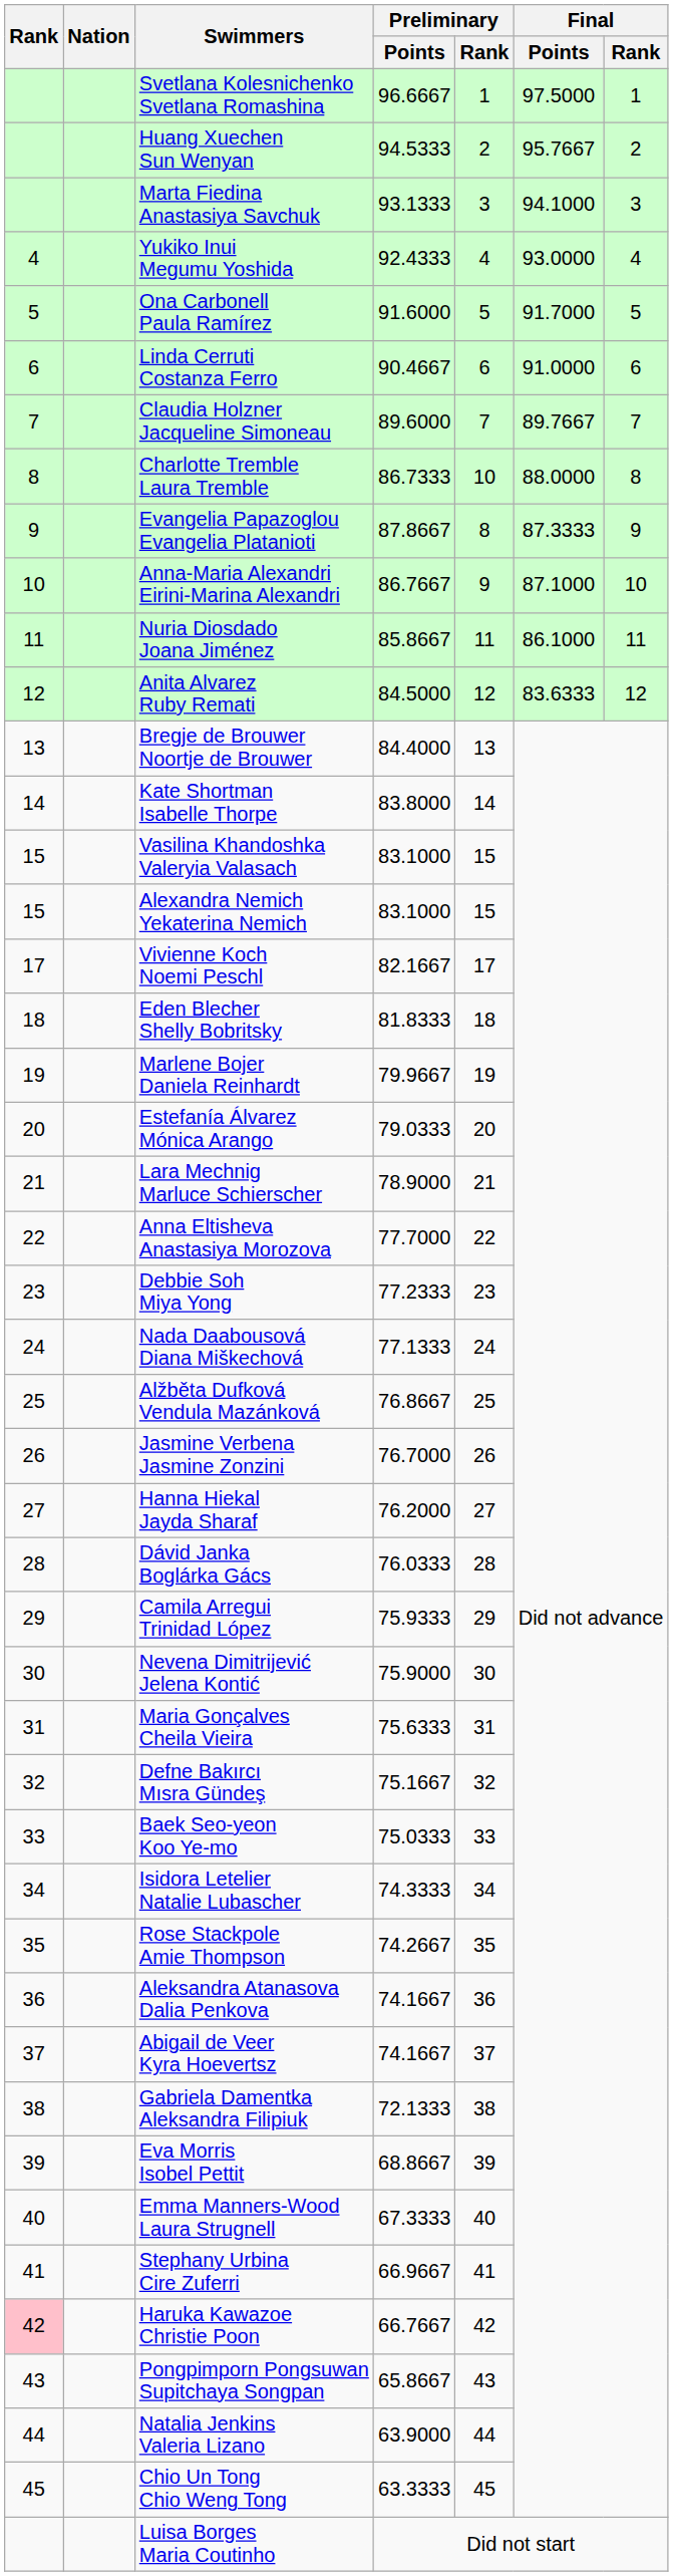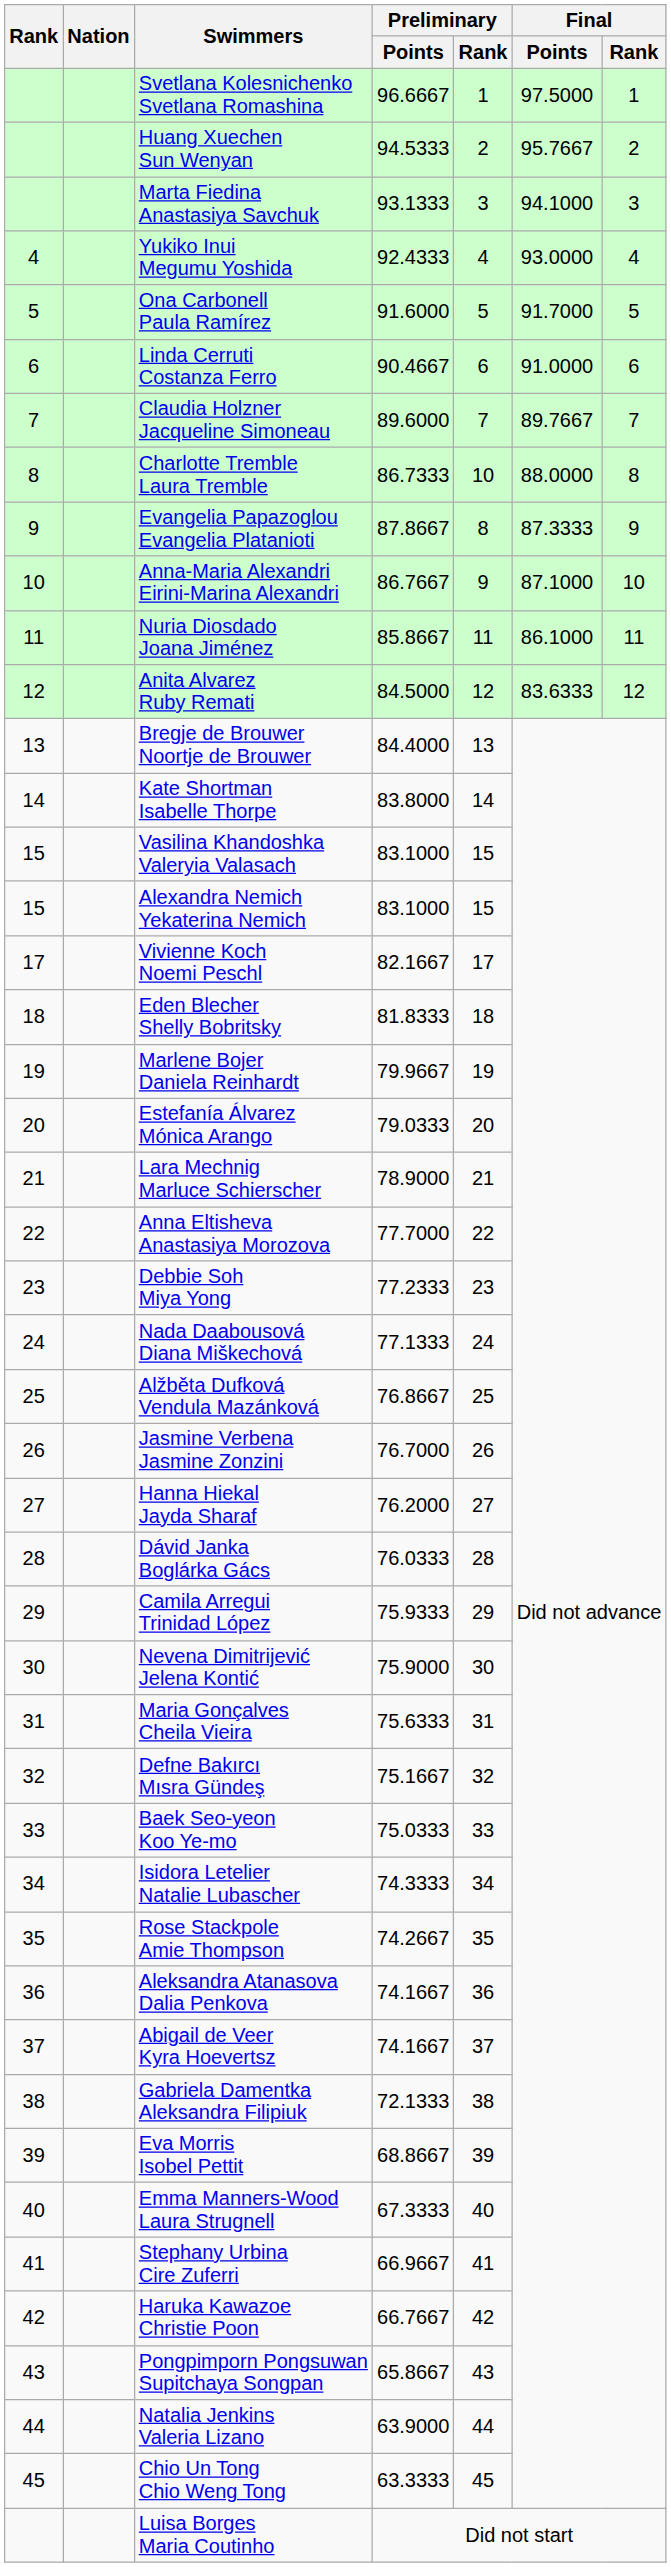 <table class="wikitable sortable" style="text-align:center">
 <tr>
 <th rowspan=2>Rank</th>
 <th rowspan=2>Nation</th>
 <th rowspan=2>Swimmers</th>
 <th colspan=2>Preliminary</th>
 <th colspan=2>Final</th>
 </tr>
 <tr>
 <th>Points</th>
 <th>Rank</th>
 <th>Points</th>
 <th>Rank</th>
 </tr>
 <tr bgcolor=ccffcc>
 <td></td>
 <td align=left></td>
 <td align=left><a href='#'>Svetlana Kolesnichenko</a><br><a href='#'>Svetlana Romashina</a></td>
 <td>96.6667</td>
 <td>1</td>
 <td>97.5000</td>
 <td>1</td>
 </tr>
 <tr bgcolor=ccffcc>
 <td></td>
 <td align=left></td>
 <td align=left><a href='#'>Huang Xuechen</a><br><a href='#'>Sun Wenyan</a></td>
 <td>94.5333</td>
 <td>2</td>
 <td>95.7667</td>
 <td>2</td>
 </tr>
 <tr bgcolor=ccffcc>
 <td></td>
 <td align=left></td>
 <td align=left><a href='#'>Marta Fiedina</a><br><a href='#'>Anastasiya Savchuk</a></td>
 <td>93.1333</td>
 <td>3</td>
 <td>94.1000</td>
 <td>3</td>
 </tr>
 <tr bgcolor=ccffcc>
 <td>4</td>
 <td align=left></td>
 <td align=left><a href='#'>Yukiko Inui</a><br><a href='#'>Megumu Yoshida</a></td>
 <td>92.4333</td>
 <td>4</td>
 <td>93.0000</td>
 <td>4</td>
 </tr>
 <tr bgcolor=ccffcc>
 <td>5</td>
 <td align=left></td>
 <td align=left><a href='#'>Ona Carbonell</a><br><a href='#'>Paula Ramírez</a></td>
 <td>91.6000</td>
 <td>5</td>
 <td>91.7000</td>
 <td>5</td>
 </tr>
 <tr bgcolor=ccffcc>
 <td>6</td>
 <td align=left></td>
 <td align=left><a href='#'>Linda Cerruti</a><br><a href='#'>Costanza Ferro</a></td>
 <td>90.4667</td>
 <td>6</td>
 <td>91.0000</td>
 <td>6</td>
 </tr>
 <tr bgcolor=ccffcc>
 <td>7</td>
 <td align=left></td>
 <td align=left><a href='#'>Claudia Holzner</a><br><a href='#'>Jacqueline Simoneau</a></td>
 <td>89.6000</td>
 <td>7</td>
 <td>89.7667</td>
 <td>7</td>
 </tr>
 <tr bgcolor=ccffcc>
 <td>8</td>
 <td align=left></td>
 <td align=left><a href='#'>Charlotte Tremble</a><br><a href='#'>Laura Tremble</a></td>
 <td>86.7333</td>
 <td>10</td>
 <td>88.0000</td>
 <td>8</td>
 </tr>
 <tr bgcolor=ccffcc>
 <td>9</td>
 <td align=left></td>
 <td align=left><a href='#'>Evangelia Papazoglou</a><br><a href='#'>Evangelia Platanioti</a></td>
 <td>87.8667</td>
 <td>8</td>
 <td>87.3333</td>
 <td>9</td>
 </tr>
 <tr bgcolor=ccffcc>
 <td>10</td>
 <td align=left></td>
 <td align=left><a href='#'>Anna-Maria Alexandri</a><br><a href='#'>Eirini-Marina Alexandri</a></td>
 <td>86.7667</td>
 <td>9</td>
 <td>87.1000</td>
 <td>10</td>
 </tr>
 <tr bgcolor=ccffcc>
 <td>11</td>
 <td align=left></td>
 <td align=left><a href='#'>Nuria Diosdado</a><br><a href='#'>Joana Jiménez</a></td>
 <td>85.8667</td>
 <td>11</td>
 <td>86.1000</td>
 <td>11</td>
 </tr>
 <tr bgcolor=ccffcc>
 <td>12</td>
 <td align=left></td>
 <td align=left><a href='#'>Anita Alvarez</a><br><a href='#'>Ruby Remati</a></td>
 <td>84.5000</td>
 <td>12</td>
 <td>83.6333</td>
 <td>12</td>
 </tr>
 <tr>
 <td>13</td>
 <td align=left></td>
 <td align=left><a href='#'>Bregje de Brouwer</a><br><a href='#'>Noortje de Brouwer</a></td>
 <td>84.4000</td>
 <td>13</td>
 <td colspan=2 rowspan=33>Did not advance</td>
 </tr>
 <tr>
 <td>14</td>
 <td align=left></td>
 <td align=left><a href='#'>Kate Shortman</a><br><a href='#'>Isabelle Thorpe</a></td>
 <td>83.8000</td>
 <td>14</td>
 </tr>
 <tr>
 <td>15</td>
 <td align=left></td>
 <td align=left><a href='#'>Vasilina Khandoshka</a><br><a href='#'>Valeryia Valasach</a></td>
 <td>83.1000</td>
 <td>15</td>
 </tr>
 <tr>
 <td>15</td>
 <td align=left></td>
 <td align=left><a href='#'>Alexandra Nemich</a><br><a href='#'>Yekaterina Nemich</a></td>
 <td>83.1000</td>
 <td>15</td>
 </tr>
 <tr>
 <td>17</td>
 <td align=left></td>
 <td align=left><a href='#'>Vivienne Koch</a><br><a href='#'>Noemi Peschl</a></td>
 <td>82.1667</td>
 <td>17</td>
 </tr>
 <tr>
 <td>18</td>
 <td align=left></td>
 <td align=left><a href='#'>Eden Blecher</a><br><a href='#'>Shelly Bobritsky</a></td>
 <td>81.8333</td>
 <td>18</td>
 </tr>
 <tr>
 <td>19</td>
 <td align=left></td>
 <td align=left><a href='#'>Marlene Bojer</a><br><a href='#'>Daniela Reinhardt</a></td>
 <td>79.9667</td>
 <td>19</td>
 </tr>
 <tr>
 <td>20</td>
 <td align=left></td>
 <td align=left><a href='#'>Estefanía Álvarez</a><br><a href='#'>Mónica Arango</a></td>
 <td>79.0333</td>
 <td>20</td>
 </tr>
 <tr>
 <td>21</td>
 <td align=left></td>
 <td align=left><a href='#'>Lara Mechnig</a><br><a href='#'>Marluce Schierscher</a></td>
 <td>78.9000</td>
 <td>21</td>
 </tr>
 <tr>
 <td>22</td>
 <td align=left></td>
 <td align=left><a href='#'>Anna Eltisheva</a><br><a href='#'>Anastasiya Morozova</a></td>
 <td>77.7000</td>
 <td>22</td>
 </tr>
 <tr>
 <td>23</td>
 <td align=left></td>
 <td align=left><a href='#'>Debbie Soh</a><br><a href='#'>Miya Yong</a></td>
 <td>77.2333</td>
 <td>23</td>
 </tr>
 <tr>
 <td>24</td>
 <td align=left></td>
 <td align=left><a href='#'>Nada Daabousová</a><br><a href='#'>Diana Miškechová</a></td>
 <td>77.1333</td>
 <td>24</td>
 </tr>
 <tr>
 <td>25</td>
 <td align=left></td>
 <td align=left><a href='#'>Alžběta Dufková</a><br><a href='#'>Vendula Mazánková</a></td>
 <td>76.8667</td>
 <td>25</td>
 </tr>
 <tr>
 <td>26</td>
 <td align=left></td>
 <td align=left><a href='#'>Jasmine Verbena</a><br><a href='#'>Jasmine Zonzini</a></td>
 <td>76.7000</td>
 <td>26</td>
 </tr>
 <tr>
 <td>27</td>
 <td align=left></td>
 <td align=left><a href='#'>Hanna Hiekal</a><br><a href='#'>Jayda Sharaf</a></td>
 <td>76.2000</td>
 <td>27</td>
 </tr>
 <tr>
 <td>28</td>
 <td align=left></td>
 <td align=left><a href='#'>Dávid Janka</a><br><a href='#'>Boglárka Gács</a></td>
 <td>76.0333</td>
 <td>28</td>
 </tr>
 <tr>
 <td>29</td>
 <td align=left></td>
 <td align=left><a href='#'>Camila Arregui</a><br><a href='#'>Trinidad López</a></td>
 <td>75.9333</td>
 <td>29</td>
 </tr>
 <tr>
 <td>30</td>
 <td align=left></td>
 <td align=left><a href='#'>Nevena Dimitrijević</a><br><a href='#'>Jelena Kontić</a></td>
 <td>75.9000</td>
 <td>30</td>
 </tr>
 <tr>
 <td>31</td>
 <td align=left></td>
 <td align=left><a href='#'>Maria Gonçalves</a><br><a href='#'>Cheila Vieira</a></td>
 <td>75.6333</td>
 <td>31</td>
 </tr>
 <tr>
 <td>32</td>
 <td align=left></td>
 <td align=left><a href='#'>Defne Bakırcı</a><br><a href='#'>Mısra Gündeş</a></td>
 <td>75.1667</td>
 <td>32</td>
 </tr>
 <tr>
 <td>33</td>
 <td align=left></td>
 <td align=left><a href='#'>Baek Seo-yeon</a><br><a href='#'>Koo Ye-mo</a></td>
 <td>75.0333</td>
 <td>33</td>
 </tr>
 <tr>
 <td>34</td>
 <td align=left></td>
 <td align=left><a href='#'>Isidora Letelier</a><br><a href='#'>Natalie Lubascher</a></td>
 <td>74.3333</td>
 <td>34</td>
 </tr>
 <tr>
 <td>35</td>
 <td align=left></td>
 <td align=left><a href='#'>Rose Stackpole</a><br><a href='#'>Amie Thompson</a></td>
 <td>74.2667</td>
 <td>35</td>
 </tr>
 <tr>
 <td>36</td>
 <td align=left></td>
 <td align=left><a href='#'>Aleksandra Atanasova</a><br><a href='#'>Dalia Penkova</a></td>
 <td>74.1667</td>
 <td>36</td>
 </tr>
 <tr>
 <td>37</td>
 <td align=left></td>
 <td align=left><a href='#'>Abigail de Veer</a><br><a href='#'>Kyra Hoevertsz</a></td>
 <td>74.1667</td>
 <td>37</td>
 </tr>
 <tr>
 <td>38</td>
 <td align=left></td>
 <td align=left><a href='#'>Gabriela Damentka</a><br><a href='#'>Aleksandra Filipiuk</a></td>
 <td>72.1333</td>
 <td>38</td>
 </tr>
 <tr>
 <td>39</td>
 <td align=left></td>
 <td align=left><a href='#'>Eva Morris</a><br><a href='#'>Isobel Pettit</a></td>
 <td>68.8667</td>
 <td>39</td>
 </tr>
 <tr>
 <td>40</td>
 <td align=left></td>
 <td align=left><a href='#'>Emma Manners-Wood</a><br><a href='#'>Laura Strugnell</a></td>
 <td>67.3333</td>
 <td>40</td>
 </tr>
 <tr>
 <td>41</td>
 <td align=left></td>
 <td align=left><a href='#'>Stephany Urbina</a><br><a href='#'>Cire Zuferri</a></td>
 <td>66.9667</td>
 <td>41</td>
 </tr>
 <tr>
-<td style="background: pink;">42</td>
+<td>42</td>
 <td align=left></td>
 <td align=left><a href='#'>Haruka Kawazoe</a><br><a href='#'>Christie Poon</a></td>
 <td>66.7667</td>
 <td>42</td>
 </tr>
 <tr>
 <td>43</td>
 <td align=left></td>
 <td align=left><a href='#'>Pongpimporn Pongsuwan</a><br><a href='#'>Supitchaya Songpan</a></td>
 <td>65.8667</td>
 <td>43</td>
 </tr>
 <tr>
 <td>44</td>
 <td align=left></td>
 <td align=left><a href='#'>Natalia Jenkins</a><br><a href='#'>Valeria Lizano</a></td>
 <td>63.9000</td>
 <td>44</td>
 </tr>
 <tr>
 <td>45</td>
 <td align=left></td>
 <td align=left><a href='#'>Chio Un Tong</a><br><a href='#'>Chio Weng Tong</a></td>
 <td>63.3333</td>
 <td>45</td>
 </tr>
 <tr>
 <td></td>
 <td align=left></td>
 <td align=left><a href='#'>Luisa Borges</a><br><a href='#'>Maria Coutinho</a></td>
 <td colspan=4>Did not start</td>
 </tr>
 </table>
